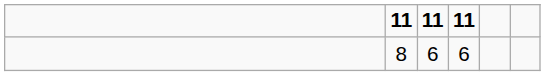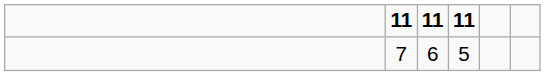 <table class="wikitable">
 <tr>
 <td style="width:18em"></td>
 <td align=center style="width:1em"><strong>11</strong></td>
 <td align=center style="width:1em"><strong>11</strong></td>
 <td align=center style="width:1em"><strong>11</strong></td>
 <td align=center style="width:1em"></td>
 <td align=center style="width:1em"></td>
 </tr>
 <tr>
 <td style="width:18em"></td>
-<td align=center style="width:1em">8</td>
+<td align=center style="width:1em">7</td>
 <td align=center style="width:1em">6</td>
-<td align=center style="width:1em">6</td>
+<td align=center style="width:1em">5</td>
 <td align=center style="width:1em"></td>
 <td align=center style="width:1em"></td>
 </tr>
 </table>
